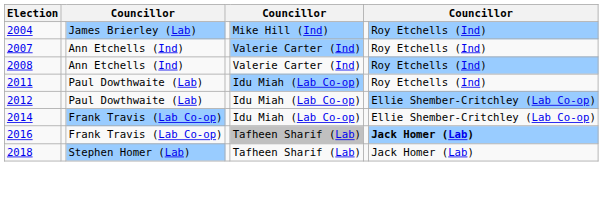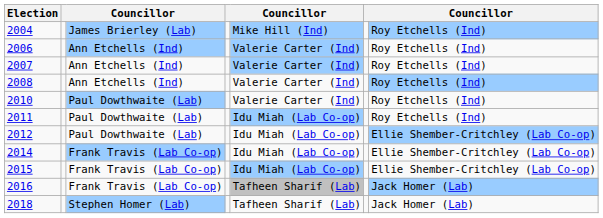 <table class="wikitable">
 <tr>
 <th>Election</th>
 <th colspan="2">Councillor</th>
 <th colspan="2">Councillor</th>
 <th colspan="2">Councillor</th>
 </tr>
 <tr>
 <td><a href='#'>2004</a></td>
 <td style="background-color: "></td>
 <td bgcolor="#99CCFF">James Brierley (<a href='#'>Lab</a>)</td>
 <td style="background-color: "></td>
 <td bgcolor="#99CCFF">Mike Hill (<a href='#'>Ind</a>)</td>
 <td style="background-color: "></td>
 <td bgcolor="#99CCFF">Roy Etchells (<a href='#'>Ind</a>)</td>
+</tr>
+<tr>
+<td><a href='#'>2006</a></td>
+<td style="background-color: "></td>
+<td bgcolor="#99CCFF">Ann Etchells (<a href='#'>Ind</a>)</td>
+<td style="background-color: "></td>
+<td bgcolor="#99CCFF">Valerie Carter (<a href='#'>Ind</a>)</td>
+<td style="background-color: "></td>
+<td>Roy Etchells (<a href='#'>Ind</a>)</td>
 </tr>
 <tr>
 <td><a href='#'>2007</a></td>
 <td style="background-color: "></td>
 <td>Ann Etchells (<a href='#'>Ind</a>)</td>
 <td style="background-color: "></td>
 <td bgcolor="#99CCFF">Valerie Carter (<a href='#'>Ind</a>)</td>
 <td style="background-color: "></td>
 <td>Roy Etchells (<a href='#'>Ind</a>)</td>
 </tr>
 <tr>
 <td><a href='#'>2008</a></td>
 <td style="background-color: "></td>
 <td>Ann Etchells (<a href='#'>Ind</a>)</td>
 <td style="background-color: "></td>
 <td>Valerie Carter (<a href='#'>Ind</a>)</td>
 <td style="background-color: "></td>
 <td bgcolor="#99CCFF">Roy Etchells (<a href='#'>Ind</a>)</td>
+</tr>
+<tr>
+<td><a href='#'>2010</a></td>
+<td style="background-color: "></td>
+<td bgcolor="#99CCFF">Paul Dowthwaite (<a href='#'>Lab</a>)</td>
+<td style="background-color: "></td>
+<td>Valerie Carter (<a href='#'>Ind</a>)</td>
+<td style="background-color: "></td>
+<td>Roy Etchells (<a href='#'>Ind</a>)</td>
 </tr>
 <tr>
 <td><a href='#'>2011</a></td>
 <td style="background-color: "></td>
 <td>Paul Dowthwaite (<a href='#'>Lab</a>)</td>
 <td style="background-color: "></td>
 <td bgcolor="#99CCFF">Idu Miah (<a href='#'>Lab Co-op</a>)</td>
 <td style="background-color: "></td>
 <td>Roy Etchells (<a href='#'>Ind</a>)</td>
 </tr>
 <tr>
 <td><a href='#'>2012</a></td>
 <td style="background-color: "></td>
 <td>Paul Dowthwaite (<a href='#'>Lab</a>)</td>
 <td style="background-color: "></td>
 <td>Idu Miah (<a href='#'>Lab Co-op</a>)</td>
 <td style="background-color: "></td>
 <td bgcolor="#99CCFF">Ellie Shember-Critchley (<a href='#'>Lab Co-op</a>)</td>
 </tr>
 <tr>
 <td><a href='#'>2014</a></td>
 <td style="background-color: "></td>
 <td bgcolor="#99CCFF">Frank Travis (<a href='#'>Lab Co-op</a>)</td>
 <td style="background-color: "></td>
 <td>Idu Miah (<a href='#'>Lab Co-op</a>)</td>
 <td style="background-color: "></td>
 <td>Ellie Shember-Critchley (<a href='#'>Lab Co-op</a>)</td>
 </tr>
 <tr>
+<td><a href='#'>2015</a></td>
+<td style="background-color: "></td>
+<td>Frank Travis (<a href='#'>Lab Co-op</a>)</td>
+<td style="background-color: "></td>
+<td bgcolor="#99CCFF">Idu Miah (<a href='#'>Lab Co-op</a>)</td>
+<td style="background-color: "></td>
+<td>Ellie Shember-Critchley (<a href='#'>Lab Co-op</a>)</td>
+</tr>
+<tr>
 <td><a href='#'>2016</a></td>
 <td style="background-color: "></td>
 <td>Frank Travis (<a href='#'>Lab Co-op</a>)</td>
 <td style="background-color: "></td>
 <td bgcolor="#C0C0C0">Tafheen Sharif (<a href='#'>Lab</a>)</td>
 <td style="background-color: "></td>
-<td bgcolor="#99CCFF"><strong>Jack Homer (<a href='#'>Lab</a>)</strong></td>
+<td bgcolor="#99CCFF">Jack Homer (<a href='#'>Lab</a>)</td>
 </tr>
 <tr>
 <td><a href='#'>2018</a></td>
 <td style="background-color: "></td>
 <td bgcolor="#99CCFF">Stephen Homer (<a href='#'>Lab</a>)</td>
 <td style="background-color: "></td>
 <td>Tafheen Sharif (<a href='#'>Lab</a>)</td>
 <td style="background-color: "></td>
 <td>Jack Homer (<a href='#'>Lab</a>)</td>
 </tr>
 </table>
